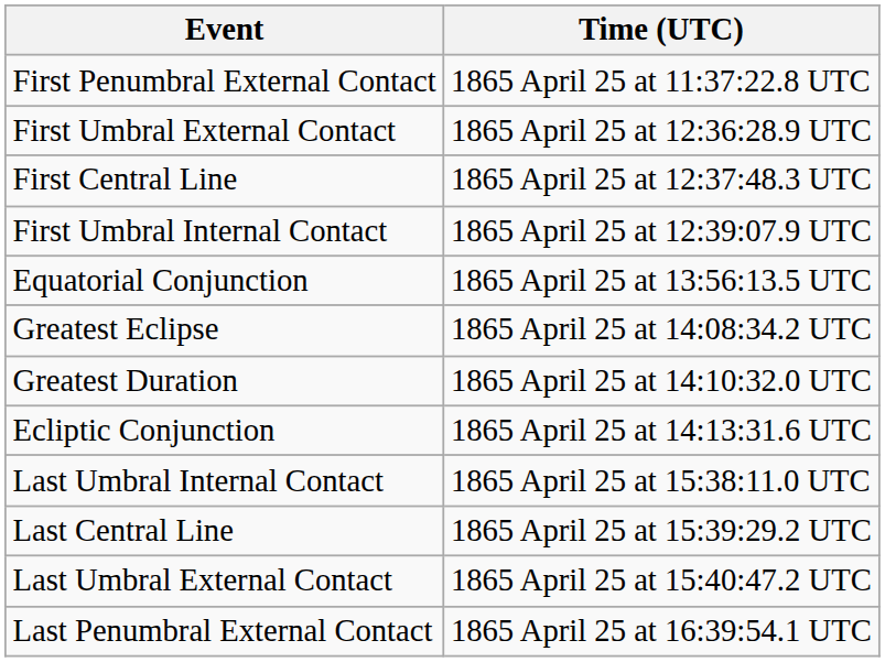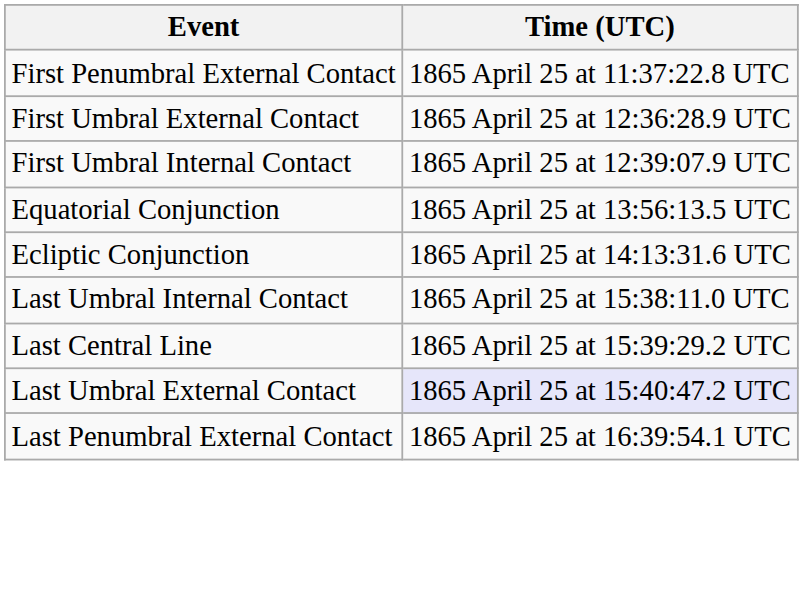 <table class="wikitable">
 <tr>
 <th>Event</th>
 <th>Time (UTC)</th>
 </tr>
 <tr>
 <td>First Penumbral External Contact</td>
 <td>1865 April 25 at 11:37:22.8 UTC</td>
 </tr>
 <tr>
 <td>First Umbral External Contact</td>
 <td>1865 April 25 at 12:36:28.9 UTC</td>
 </tr>
 <tr>
-<td>First Central Line</td>
-<td>1865 April 25 at 12:37:48.3 UTC</td>
-</tr>
-<tr>
 <td>First Umbral Internal Contact</td>
 <td>1865 April 25 at 12:39:07.9 UTC</td>
 </tr>
 <tr>
 <td>Equatorial Conjunction</td>
 <td>1865 April 25 at 13:56:13.5 UTC</td>
-</tr>
-<tr>
-<td>Greatest Eclipse</td>
-<td>1865 April 25 at 14:08:34.2 UTC</td>
-</tr>
-<tr>
-<td>Greatest Duration</td>
-<td>1865 April 25 at 14:10:32.0 UTC</td>
 </tr>
 <tr>
 <td>Ecliptic Conjunction</td>
 <td>1865 April 25 at 14:13:31.6 UTC</td>
 </tr>
 <tr>
 <td>Last Umbral Internal Contact</td>
 <td>1865 April 25 at 15:38:11.0 UTC</td>
 </tr>
 <tr>
 <td>Last Central Line</td>
 <td>1865 April 25 at 15:39:29.2 UTC</td>
 </tr>
 <tr>
 <td>Last Umbral External Contact</td>
-<td>1865 April 25 at 15:40:47.2 UTC</td>
+<td style="background: lavender;">1865 April 25 at 15:40:47.2 UTC</td>
 </tr>
 <tr>
 <td>Last Penumbral External Contact</td>
 <td>1865 April 25 at 16:39:54.1 UTC</td>
 </tr>
 </table>
